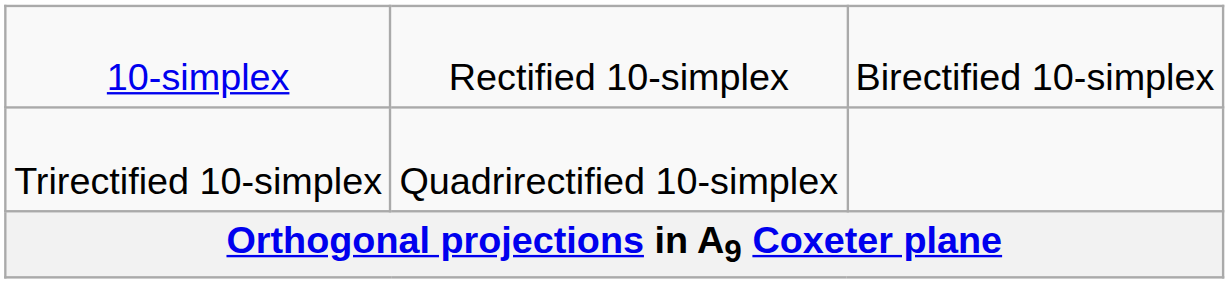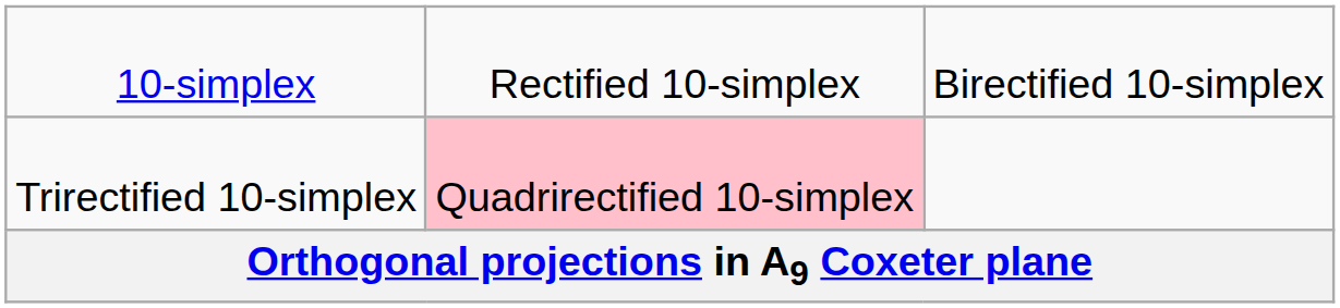 <table class=wikitable align=right style="margin-left:1em;">
 <tr align=center valign=top>
 <td><br><a href='#'>10-simplex</a><br></td>
 <td><br>Rectified 10-simplex<br></td>
 <td><br>Birectified 10-simplex<br></td>
 </tr>
 <tr align=center valign=top>
 <td><br>Trirectified 10-simplex<br></td>
-<td><br>Quadrirectified 10-simplex<br></td>
+<td style="background: pink;"><br>Quadrirectified 10-simplex<br></td>
 </tr>
 <tr>
 <th colspan=4><a href='#'>Orthogonal projections</a> in A<sub>9</sub> <a href='#'>Coxeter plane</a></th>
 </tr>
 </table>
